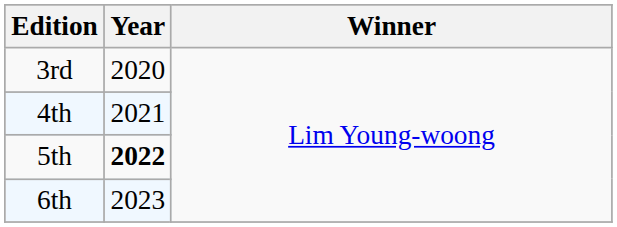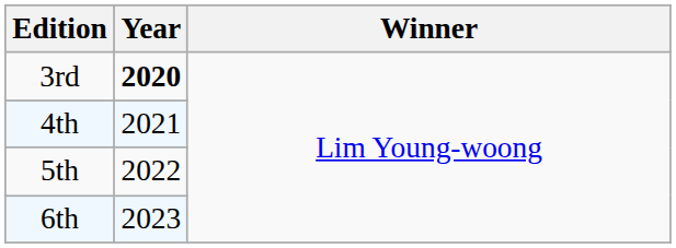 <table class="wikitable" style="text-align:center">
 <tr>
 <th>Edition</th>
 <th>Year</th>
 <th width="250">Winner</th>
 </tr>
 <tr>
 <td>3rd</td>
-<td>2020</td>
+<td><strong>2020</strong></td>
 <td rowspan="4"><a href='#'>Lim Young-woong</a></td>
 </tr>
 <tr style="background:#f0f8ff;">
 <td>4th</td>
 <td>2021</td>
 </tr>
 <tr>
 <td>5th</td>
-<td><strong>2022</strong></td>
+<td>2022</td>
 </tr>
 <tr style="background:#f0f8ff;">
 <td>6th</td>
 <td>2023</td>
 </tr>
 </table>
